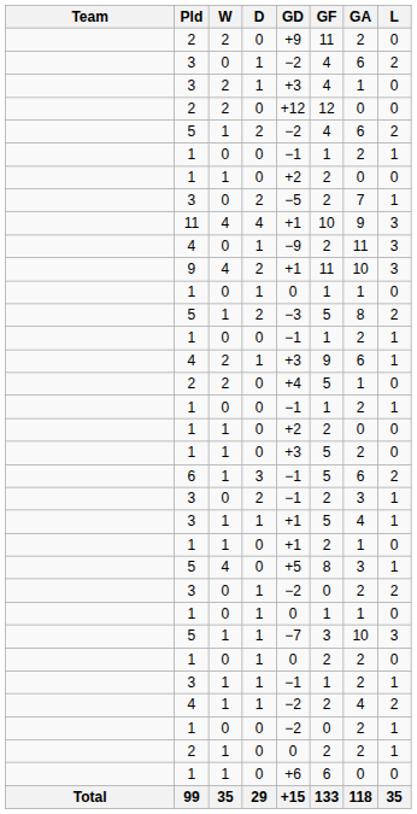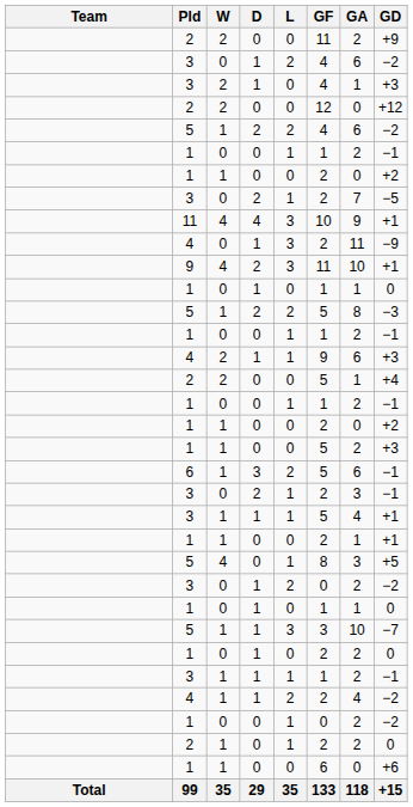 <table class="wikitable" style="text-align: center;">
 <tr>
 <th width=180>Team</th>
 <th width=30>Pld</th>
 <th width=30>W</th>
 <th width=30>D</th>
-<th width=30>GD</th>
+<th width=30>L</th>
 <th width=30>GF</th>
 <th width=30>GA</th>
-<th width=30>L</th>
+<th width=30>GD</th>
 </tr>
 <tr>
 <td align="left"></td>
 <td>2</td>
 <td>2</td>
 <td>0</td>
-<td>+9</td>
+<td>0</td>
 <td>11</td>
 <td>2</td>
-<td>0</td>
+<td>+9</td>
 </tr>
 <tr>
 <td align="left"></td>
 <td>3</td>
 <td>0</td>
 <td>1</td>
-<td>−2</td>
+<td>2</td>
 <td>4</td>
 <td>6</td>
-<td>2</td>
+<td>−2</td>
 </tr>
 <tr>
 <td align="left"></td>
 <td>3</td>
 <td>2</td>
 <td>1</td>
-<td>+3</td>
+<td>0</td>
 <td>4</td>
 <td>1</td>
-<td>0</td>
+<td>+3</td>
 </tr>
 <tr>
 <td align="left"></td>
 <td>2</td>
 <td>2</td>
 <td>0</td>
-<td>+12</td>
+<td>0</td>
 <td>12</td>
 <td>0</td>
-<td>0</td>
+<td>+12</td>
 </tr>
 <tr>
 <td align="left"></td>
 <td>5</td>
 <td>1</td>
 <td>2</td>
-<td>−2</td>
+<td>2</td>
 <td>4</td>
 <td>6</td>
-<td>2</td>
+<td>−2</td>
 </tr>
 <tr>
 <td align="left"></td>
 <td>1</td>
 <td>0</td>
 <td>0</td>
-<td>−1</td>
+<td>1</td>
 <td>1</td>
 <td>2</td>
-<td>1</td>
+<td>−1</td>
 </tr>
 <tr>
 <td align="left"></td>
 <td>1</td>
 <td>1</td>
 <td>0</td>
-<td>+2</td>
+<td>0</td>
 <td>2</td>
 <td>0</td>
-<td>0</td>
+<td>+2</td>
 </tr>
 <tr>
 <td align="left"></td>
 <td>3</td>
 <td>0</td>
 <td>2</td>
-<td>−5</td>
+<td>1</td>
 <td>2</td>
 <td>7</td>
-<td>1</td>
+<td>−5</td>
 </tr>
 <tr>
 <td align="left"></td>
 <td>11</td>
 <td>4</td>
 <td>4</td>
-<td>+1</td>
+<td>3</td>
 <td>10</td>
 <td>9</td>
-<td>3</td>
+<td>+1</td>
 </tr>
 <tr>
 <td align="left"></td>
 <td>4</td>
 <td>0</td>
 <td>1</td>
-<td>−9</td>
+<td>3</td>
 <td>2</td>
 <td>11</td>
-<td>3</td>
+<td>−9</td>
 </tr>
 <tr>
 <td align="left"></td>
 <td>9</td>
 <td>4</td>
 <td>2</td>
-<td>+1</td>
+<td>3</td>
 <td>11</td>
 <td>10</td>
-<td>3</td>
+<td>+1</td>
 </tr>
 <tr>
 <td align="left"></td>
 <td>1</td>
 <td>0</td>
 <td>1</td>
 <td>0</td>
 <td>1</td>
 <td>1</td>
 <td>0</td>
 </tr>
 <tr>
 <td align="left"></td>
 <td>5</td>
 <td>1</td>
 <td>2</td>
-<td>−3</td>
+<td>2</td>
 <td>5</td>
 <td>8</td>
-<td>2</td>
+<td>−3</td>
 </tr>
 <tr>
 <td align="left"></td>
 <td>1</td>
 <td>0</td>
 <td>0</td>
-<td>−1</td>
+<td>1</td>
 <td>1</td>
 <td>2</td>
-<td>1</td>
+<td>−1</td>
 </tr>
 <tr>
 <td align="left"></td>
 <td>4</td>
 <td>2</td>
 <td>1</td>
-<td>+3</td>
+<td>1</td>
 <td>9</td>
 <td>6</td>
-<td>1</td>
+<td>+3</td>
 </tr>
 <tr>
 <td align="left"></td>
 <td>2</td>
 <td>2</td>
 <td>0</td>
-<td>+4</td>
+<td>0</td>
 <td>5</td>
 <td>1</td>
-<td>0</td>
+<td>+4</td>
 </tr>
 <tr>
 <td align="left"></td>
 <td>1</td>
 <td>0</td>
 <td>0</td>
-<td>−1</td>
+<td>1</td>
 <td>1</td>
 <td>2</td>
-<td>1</td>
+<td>−1</td>
 </tr>
 <tr>
 <td align="left"></td>
 <td>1</td>
 <td>1</td>
 <td>0</td>
-<td>+2</td>
+<td>0</td>
 <td>2</td>
 <td>0</td>
-<td>0</td>
+<td>+2</td>
 </tr>
 <tr>
 <td align="left"></td>
 <td>1</td>
 <td>1</td>
 <td>0</td>
-<td>+3</td>
+<td>0</td>
 <td>5</td>
 <td>2</td>
-<td>0</td>
+<td>+3</td>
 </tr>
 <tr>
 <td align="left"></td>
 <td>6</td>
 <td>1</td>
 <td>3</td>
-<td>−1</td>
+<td>2</td>
 <td>5</td>
 <td>6</td>
-<td>2</td>
+<td>−1</td>
 </tr>
 <tr>
 <td align="left"></td>
 <td>3</td>
 <td>0</td>
 <td>2</td>
-<td>−1</td>
+<td>1</td>
 <td>2</td>
 <td>3</td>
-<td>1</td>
+<td>−1</td>
 </tr>
 <tr>
 <td align="left"></td>
 <td>3</td>
 <td>1</td>
 <td>1</td>
-<td>+1</td>
+<td>1</td>
 <td>5</td>
 <td>4</td>
-<td>1</td>
+<td>+1</td>
 </tr>
 <tr>
 <td align="left"></td>
 <td>1</td>
 <td>1</td>
 <td>0</td>
-<td>+1</td>
+<td>0</td>
 <td>2</td>
 <td>1</td>
-<td>0</td>
+<td>+1</td>
 </tr>
 <tr>
 <td align="left"></td>
 <td>5</td>
 <td>4</td>
 <td>0</td>
-<td>+5</td>
+<td>1</td>
 <td>8</td>
 <td>3</td>
-<td>1</td>
+<td>+5</td>
 </tr>
 <tr>
 <td align="left"></td>
 <td>3</td>
 <td>0</td>
 <td>1</td>
-<td>−2</td>
+<td>2</td>
 <td>0</td>
 <td>2</td>
-<td>2</td>
+<td>−2</td>
 </tr>
 <tr>
 <td align="left"></td>
 <td>1</td>
 <td>0</td>
 <td>1</td>
 <td>0</td>
 <td>1</td>
 <td>1</td>
 <td>0</td>
 </tr>
 <tr>
 <td align="left"></td>
 <td>5</td>
 <td>1</td>
 <td>1</td>
-<td>−7</td>
+<td>3</td>
 <td>3</td>
 <td>10</td>
-<td>3</td>
+<td>−7</td>
 </tr>
 <tr>
 <td align="left"></td>
 <td>1</td>
 <td>0</td>
 <td>1</td>
 <td>0</td>
 <td>2</td>
 <td>2</td>
 <td>0</td>
 </tr>
 <tr>
 <td align="left"></td>
 <td>3</td>
 <td>1</td>
 <td>1</td>
-<td>−1</td>
+<td>1</td>
 <td>1</td>
 <td>2</td>
-<td>1</td>
+<td>−1</td>
 </tr>
 <tr>
 <td align="left"></td>
 <td>4</td>
 <td>1</td>
 <td>1</td>
-<td>−2</td>
+<td>2</td>
 <td>2</td>
 <td>4</td>
-<td>2</td>
+<td>−2</td>
 </tr>
 <tr>
 <td align="left"></td>
 <td>1</td>
 <td>0</td>
 <td>0</td>
-<td>−2</td>
+<td>1</td>
 <td>0</td>
 <td>2</td>
-<td>1</td>
+<td>−2</td>
 </tr>
 <tr>
 <td align="left"></td>
 <td>2</td>
 <td>1</td>
 <td>0</td>
-<td>0</td>
+<td>1</td>
 <td>2</td>
 <td>2</td>
-<td>1</td>
+<td>0</td>
 </tr>
 <tr>
 <td align="left"></td>
 <td>1</td>
 <td>1</td>
 <td>0</td>
-<td>+6</td>
+<td>0</td>
 <td>6</td>
 <td>0</td>
-<td>0</td>
+<td>+6</td>
 </tr>
 <tr>
 <th>Total</th>
 <th>99</th>
 <th>35</th>
 <th>29</th>
-<th>+15</th>
+<th>35</th>
 <th>133</th>
 <th>118</th>
-<th>35</th>
+<th>+15</th>
 </tr>
 </table>
